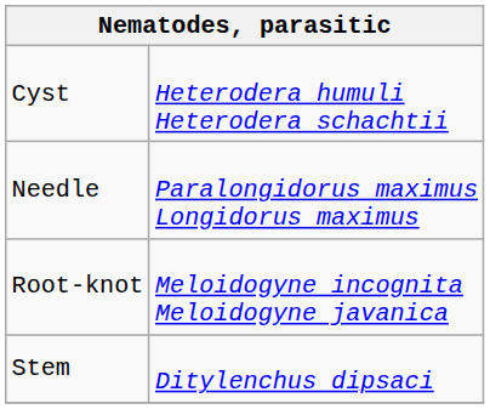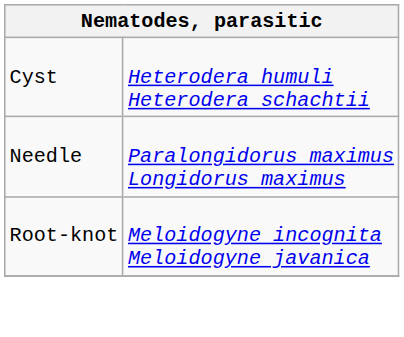 <table class="wikitable" style="clear">
 <tr>
 <th colspan=2><strong>Nematodes, parasitic</strong><br></th>
 </tr>
 <tr>
 <td>Cyst</td>
 <td><br><em><a href='#'>Heterodera humuli</a></em><br> <em><a href='#'>Heterodera schachtii</a></em></td>
 </tr>
 <tr>
 <td>Needle</td>
 <td><br><em><a href='#'>Paralongidorus maximus</a></em> <br>  <em><a href='#'>Longidorus maximus</a></em></td>
 </tr>
 <tr>
 <td>Root-knot</td>
 <td><br><em><a href='#'>Meloidogyne incognita</a></em><br> <em><a href='#'>Meloidogyne javanica</a></em></td>
 </tr>
 <tr>
-<td>Stem</td>
-<td><br><em><a href='#'>Ditylenchus dipsaci</a></em></td>
-</tr>
-<tr>
 </tr>
 </table>
